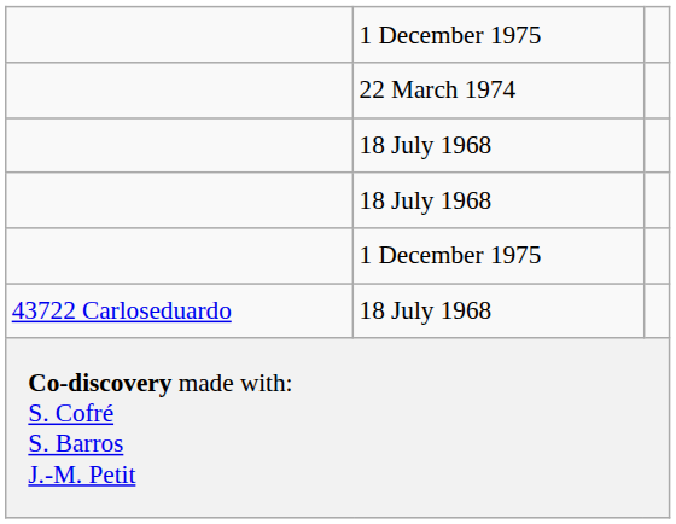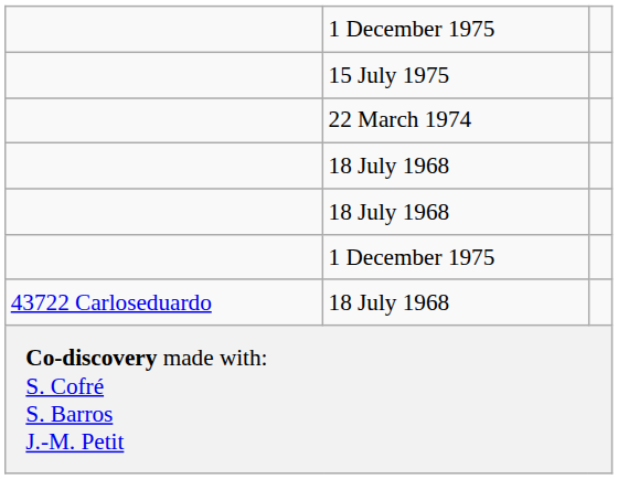 <table class="wikitable" style="font-size: 89%; float: left; width: 26em; margin-right: 1em; height: 285px;">
 <tr>
 <td></td>
 <td>1 December 1975</td>
+<td> </td>
+</tr>
+<tr>
+<td></td>
+<td>15 July 1975</td>
 <td> </td>
 </tr>
 <tr>
 <td></td>
 <td>22 March 1974</td>
 <td></td>
 </tr>
 <tr>
 <td></td>
 <td>18 July 1968</td>
 <td> </td>
 </tr>
 <tr>
 <td></td>
 <td>18 July 1968</td>
 <td> </td>
 </tr>
 <tr>
 <td></td>
 <td>1 December 1975</td>
 <td> </td>
 </tr>
 <tr>
 <td><a href='#'>43722 Carloseduardo</a></td>
 <td>18 July 1968</td>
 <td> </td>
 </tr>
 <tr>
 <th colspan=3 style="font-weight: normal; text-align: left; padding: 4px 12px;"><strong>Co-discovery</strong> made with:<br> <a href='#'>S. Cofré</a><br> <a href='#'>S. Barros</a><br> <a href='#'>J.-M. Petit</a></th>
 </tr>
 </table>
